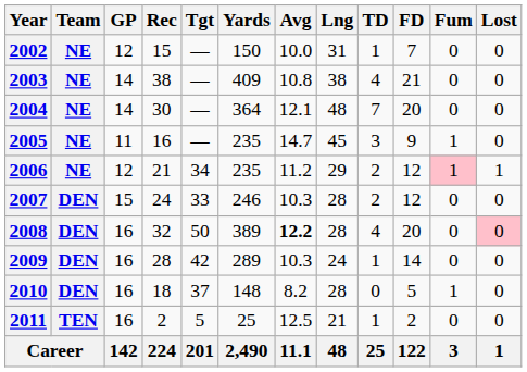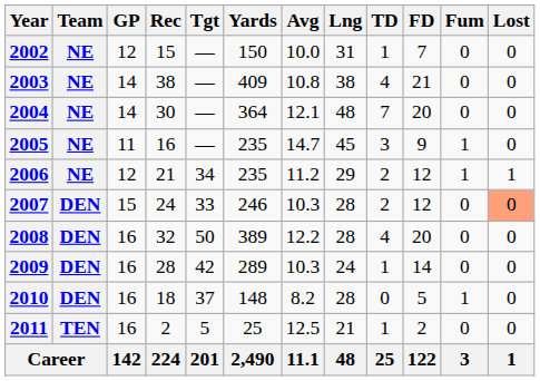 <table class="wikitable" style="text-align: center;">
 <tr>
 <th>Year</th>
 <th>Team</th>
 <th>GP</th>
 <th>Rec</th>
 <th>Tgt</th>
 <th>Yards</th>
 <th>Avg</th>
 <th>Lng</th>
 <th>TD</th>
 <th>FD</th>
 <th>Fum</th>
 <th>Lost</th>
 </tr>
 <tr>
 <th><a href='#'>2002</a></th>
 <th><a href='#'>NE</a></th>
 <td>12</td>
 <td>15</td>
 <td>—</td>
 <td>150</td>
 <td>10.0</td>
 <td>31</td>
 <td>1</td>
 <td>7</td>
 <td>0</td>
 <td>0</td>
 </tr>
 <tr>
 <th><a href='#'>2003</a></th>
 <th><a href='#'>NE</a></th>
 <td>14</td>
 <td>38</td>
 <td>—</td>
 <td>409</td>
 <td>10.8</td>
 <td>38</td>
 <td>4</td>
 <td>21</td>
 <td>0</td>
 <td>0</td>
 </tr>
 <tr>
 <th><a href='#'>2004</a></th>
 <th><a href='#'>NE</a></th>
 <td>14</td>
 <td>30</td>
 <td>—</td>
 <td>364</td>
 <td>12.1</td>
 <td>48</td>
 <td>7</td>
 <td>20</td>
 <td>0</td>
 <td>0</td>
 </tr>
 <tr>
 <th><a href='#'>2005</a></th>
 <th><a href='#'>NE</a></th>
 <td>11</td>
 <td>16</td>
 <td>—</td>
 <td>235</td>
 <td>14.7</td>
 <td>45</td>
 <td>3</td>
 <td>9</td>
 <td>1</td>
 <td>0</td>
 </tr>
 <tr>
 <th><a href='#'>2006</a></th>
 <th><a href='#'>NE</a></th>
 <td>12</td>
 <td>21</td>
 <td>34</td>
 <td>235</td>
 <td>11.2</td>
 <td>29</td>
 <td>2</td>
 <td>12</td>
-<td style="background: pink;">1</td>
+<td>1</td>
 <td>1</td>
 </tr>
 <tr>
 <th><a href='#'>2007</a></th>
 <th><a href='#'>DEN</a></th>
 <td>15</td>
 <td>24</td>
 <td>33</td>
 <td>246</td>
 <td>10.3</td>
 <td>28</td>
 <td>2</td>
 <td>12</td>
 <td>0</td>
-<td>0</td>
+<td style="background: lightsalmon;">0</td>
 </tr>
 <tr>
 <th><a href='#'>2008</a></th>
 <th><a href='#'>DEN</a></th>
 <td>16</td>
 <td>32</td>
 <td>50</td>
 <td>389</td>
-<td><strong>12.2</strong></td>
+<td>12.2</td>
 <td>28</td>
 <td>4</td>
 <td>20</td>
 <td>0</td>
-<td style="background: pink;">0</td>
+<td>0</td>
 </tr>
 <tr>
 <th><a href='#'>2009</a></th>
 <th><a href='#'>DEN</a></th>
 <td>16</td>
 <td>28</td>
 <td>42</td>
 <td>289</td>
 <td>10.3</td>
 <td>24</td>
 <td>1</td>
 <td>14</td>
 <td>0</td>
 <td>0</td>
 </tr>
 <tr>
 <th><a href='#'>2010</a></th>
 <th><a href='#'>DEN</a></th>
 <td>16</td>
 <td>18</td>
 <td>37</td>
 <td>148</td>
 <td>8.2</td>
 <td>28</td>
 <td>0</td>
 <td>5</td>
 <td>1</td>
 <td>0</td>
 </tr>
 <tr>
 <th><a href='#'>2011</a></th>
 <th><a href='#'>TEN</a></th>
 <td>16</td>
 <td>2</td>
 <td>5</td>
 <td>25</td>
 <td>12.5</td>
 <td>21</td>
 <td>1</td>
 <td>2</td>
 <td>0</td>
 <td>0</td>
 </tr>
 <tr>
 <th colspan="2">Career</th>
 <th>142</th>
 <th>224</th>
 <th>201</th>
 <th>2,490</th>
 <th>11.1</th>
 <th>48</th>
 <th>25</th>
 <th>122</th>
 <th>3</th>
 <th>1</th>
 </tr>
 </table>
